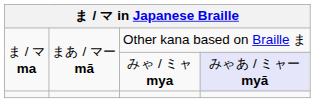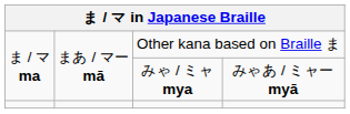 <table class="wikitable nowrap" style="text-align:center">
 <tr>
 <th colspan=4>ま / マ in <a href='#'>Japanese Braille</a></th>
 </tr>
 <tr>
 <td rowspan=2>ま / マ <br><strong>ma</strong></td>
 <td rowspan=2>まあ / マー <br><strong>mā</strong></td>
 <td colspan=2>Other kana based on <a href='#'>Braille</a> ま</td>
 </tr>
 <tr>
 <td>みゃ / ミャ <br><strong>mya</strong></td>
-<td style="background: lavender;">みゃあ / ミャー <br><strong>myā</strong></td>
+<td>みゃあ / ミャー <br><strong>myā</strong></td>
 </tr>
 <tr>
 <td></td>
 <td></td>
 <td></td>
 <td></td>
 </tr>
 </table>
